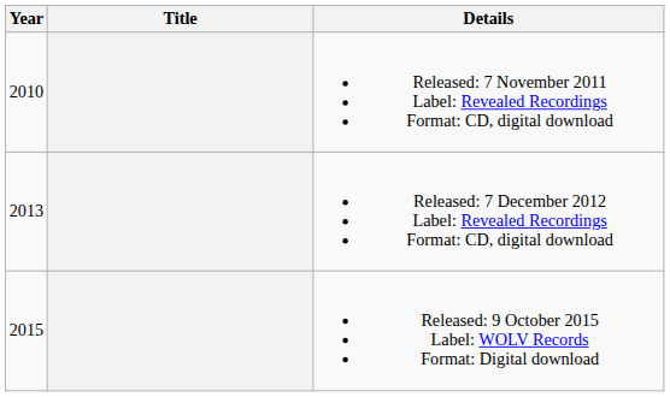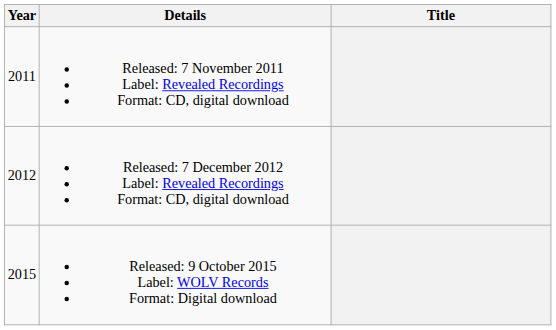 <table class="wikitable plainrowheaders" style="text-align:center;">
 <tr>
 <th>Year</th>
+<th scope="col" style="width:20em;">Details</th>
 <th scope="col" style="width:15em;">Title</th>
-<th scope="col" style="width:20em;">Details</th>
 </tr>
 <tr>
-<td>2010</td>
+<td>2011</td>
+<td><br><ul><li>Released: 7 November 2011</li><li>Label: <a href='#'>Revealed Recordings</a></li><li>Format: CD, digital download</li></ul></td>
 <th></th>
-<td><br><ul><li>Released: 7 November 2011</li><li>Label: <a href='#'>Revealed Recordings</a></li><li>Format: CD, digital download</li></ul></td>
 </tr>
 <tr>
-<td>2013</td>
+<td>2012</td>
+<td><br><ul><li>Released: 7 December 2012</li><li>Label: <a href='#'>Revealed Recordings</a></li><li>Format: CD, digital download</li></ul></td>
 <th></th>
-<td><br><ul><li>Released: 7 December 2012</li><li>Label: <a href='#'>Revealed Recordings</a></li><li>Format: CD, digital download</li></ul></td>
 </tr>
 <tr>
 <td>2015</td>
+<td><br><ul><li>Released: 9 October 2015</li><li>Label: <a href='#'>WOLV Records</a></li><li>Format: Digital download</li></ul></td>
 <th></th>
-<td><br><ul><li>Released: 9 October 2015</li><li>Label: <a href='#'>WOLV Records</a></li><li>Format: Digital download</li></ul></td>
 </tr>
 </table>
